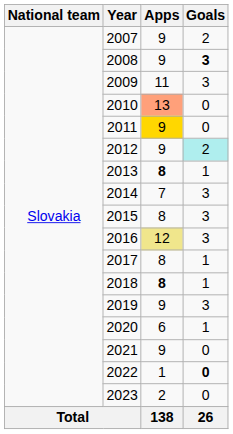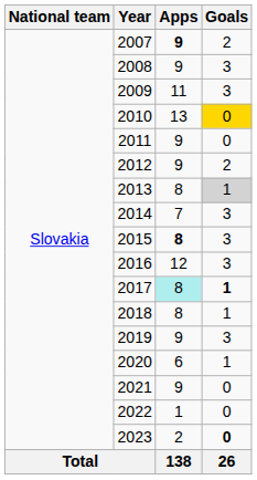 <table class="wikitable" style="text-align:center">
 <tr>
 <th>National team</th>
 <th>Year</th>
 <th>Apps</th>
 <th>Goals</th>
 </tr>
 <tr>
 <td rowspan="17"><a href='#'>Slovakia</a></td>
 <td>2007</td>
-<td>9</td>
+<td><strong>9</strong></td>
 <td>2</td>
 </tr>
 <tr>
 <td>2008</td>
 <td>9</td>
-<td><strong>3</strong></td>
+<td>3</td>
 </tr>
 <tr>
 <td>2009</td>
 <td>11</td>
 <td>3</td>
 </tr>
 <tr>
 <td>2010</td>
-<td style="background: lightsalmon;">13</td>
-<td>0</td>
+<td>13</td>
+<td style="background: gold;">0</td>
 </tr>
 <tr>
 <td>2011</td>
-<td style="background: gold;">9</td>
+<td>9</td>
 <td>0</td>
 </tr>
 <tr>
 <td>2012</td>
 <td>9</td>
-<td style="background: paleturquoise;">2</td>
+<td>2</td>
 </tr>
 <tr>
 <td>2013</td>
-<td><strong>8</strong></td>
-<td>1</td>
+<td>8</td>
+<td style="background: lightgrey;">1</td>
 </tr>
 <tr>
 <td>2014</td>
 <td>7</td>
 <td>3</td>
 </tr>
 <tr>
 <td>2015</td>
-<td>8</td>
+<td><strong>8</strong></td>
 <td>3</td>
 </tr>
 <tr>
 <td>2016</td>
-<td style="background: khaki;">12</td>
+<td>12</td>
 <td>3</td>
 </tr>
 <tr>
 <td>2017</td>
-<td>8</td>
-<td>1</td>
+<td style="background: paleturquoise;">8</td>
+<td><strong>1</strong></td>
 </tr>
 <tr>
 <td>2018</td>
-<td><strong>8</strong></td>
+<td>8</td>
 <td>1</td>
 </tr>
 <tr>
 <td>2019</td>
 <td>9</td>
 <td>3</td>
 </tr>
 <tr>
 <td>2020</td>
 <td>6</td>
 <td>1</td>
 </tr>
 <tr>
 <td>2021</td>
 <td>9</td>
 <td>0</td>
 </tr>
 <tr>
 <td>2022</td>
 <td>1</td>
-<td><strong>0</strong></td>
+<td>0</td>
 </tr>
 <tr>
 <td>2023</td>
 <td>2</td>
-<td>0</td>
+<td><strong>0</strong></td>
 </tr>
 <tr>
 <th colspan="2">Total</th>
 <th>138</th>
 <th>26</th>
 </tr>
 </table>
